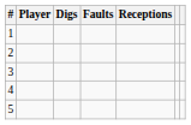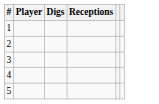 <table class="wikitable sortable" style="text-align:right; display:inline-table; font-size:90%">
 <tr>
 <th>#</th>
 <th>Player</th>
 <th>Digs</th>
-<th>Faults</th>
 <th>Receptions</th>
 <th></th>
 <th></th>
 </tr>
 <tr>
 <td align=center>1</td>
 <td></td>
-<td align=center></td>
 <td align=center></td>
 <td align=center></td>
 <td align=center></td>
 <td align=center></td>
 </tr>
 <tr>
 <td align=center>2</td>
 <td></td>
 <td align=center></td>
 <td align=center></td>
 <td align=center></td>
 <td align=center></td>
-<td align=center></td>
 </tr>
 <tr>
 <td align=center>3</td>
 <td></td>
-<td align=center></td>
 <td align=center></td>
 <td align=center></td>
 <td align=center></td>
 <td align=center></td>
 </tr>
 <tr>
 <td align=center>4</td>
 <td></td>
 <td align=center></td>
 <td align=center></td>
 <td align=center></td>
 <td align=center></td>
-<td align=center></td>
 </tr>
 <tr>
 <td align=center>5</td>
 <td></td>
 <td align=center></td>
 <td align=center></td>
 <td align=center></td>
 <td align=center></td>
-<td align=center></td>
 </tr>
 </table>
